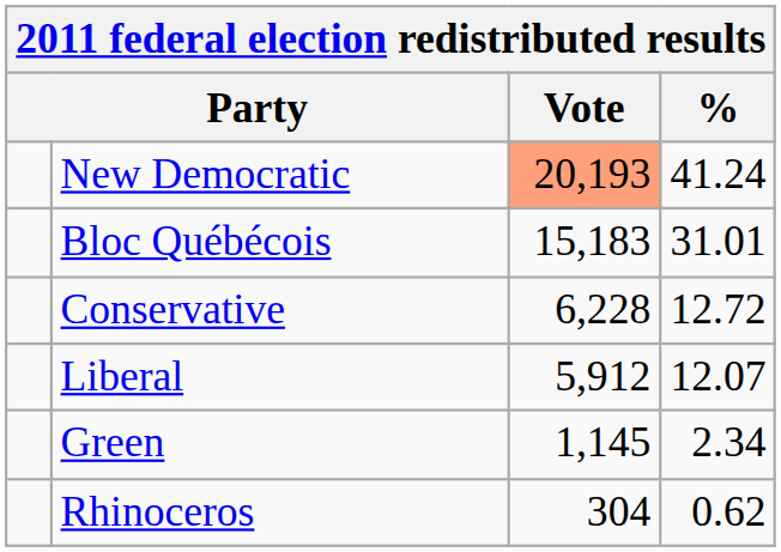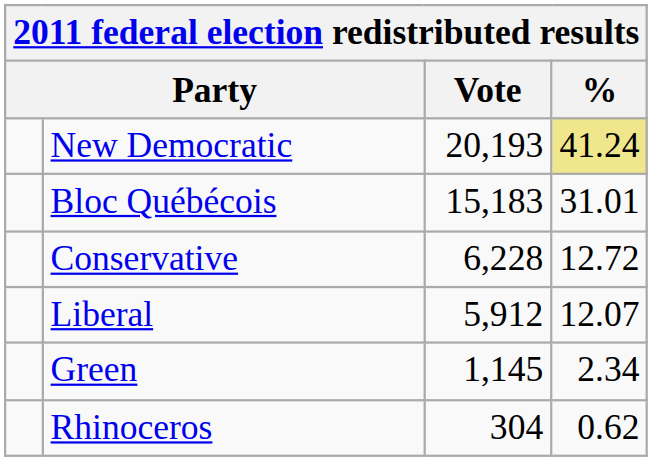 <table class="wikitable">
 <tr>
 <th colspan="4"><a href='#'>2011 federal election</a> redistributed results</th>
 </tr>
 <tr>
 <th bgcolor="#DDDDFF" width="130px" colspan="2">Party</th>
 <th bgcolor="#DDDDFF" width="50px">Vote</th>
 <th bgcolor="#DDDDFF" width="30px">%</th>
 </tr>
 <tr>
 <td> </td>
 <td><a href='#'>New Democratic</a></td>
-<td align=right style="background: lightsalmon;">20,193</td>
-<td align=right>41.24</td>
+<td align=right>20,193</td>
+<td align=right style="background: khaki;">41.24</td>
 </tr>
 <tr>
 <td> </td>
 <td><a href='#'>Bloc Québécois</a></td>
 <td align=right>15,183</td>
 <td align=right>31.01</td>
 </tr>
 <tr>
 <td> </td>
 <td><a href='#'>Conservative</a></td>
 <td align=right>6,228</td>
 <td align=right>12.72</td>
 </tr>
 <tr>
 <td> </td>
 <td><a href='#'>Liberal</a></td>
 <td align=right>5,912</td>
 <td align=right>12.07</td>
 </tr>
 <tr>
 <td> </td>
 <td><a href='#'>Green</a></td>
 <td align=right>1,145</td>
 <td align=right>2.34</td>
 </tr>
 <tr>
 <td> </td>
 <td><a href='#'>Rhinoceros</a></td>
 <td align=right>304</td>
 <td align=right>0.62</td>
 </tr>
 </table>
